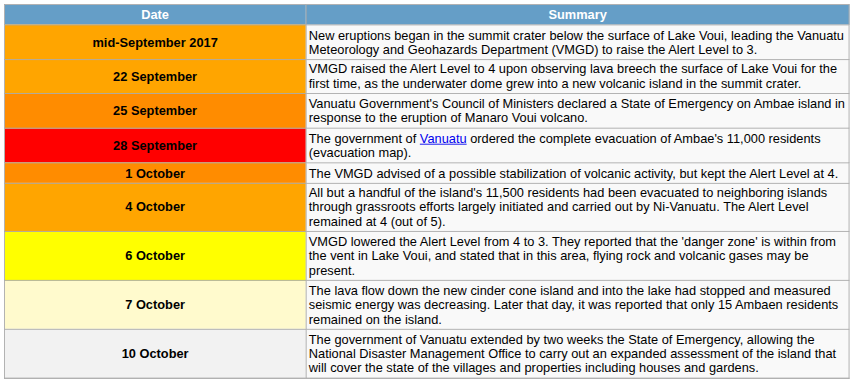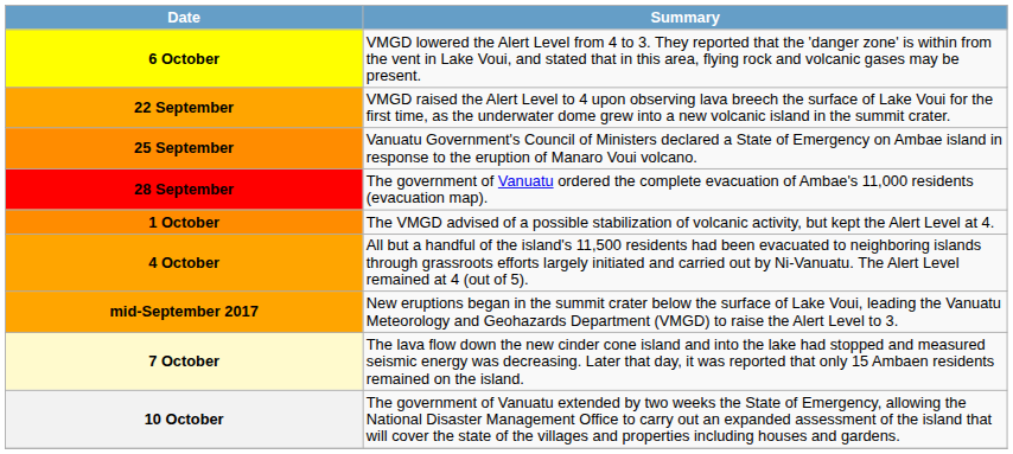 <table class="wikitable sortable" width=60% style='font-size:0.9em' align=center>
 <tr style="color:white;">
 <th style="background:#659ec7;" align=center width=5%><strong>Date</strong></th>
 <th style="background:#659ec7;" align=center width=10%><strong>Summary</strong></th>
 </tr>
 <tr>
-<th style="background:orange;">mid-September 2017</th>
-<td>New eruptions began in the summit crater below the surface of Lake Voui, leading the Vanuatu Meteorology and Geohazards Department (VMGD) to raise the Alert Level to 3.</td>
+<th style="background:yellow;">6 October</th>
+<td>VMGD lowered the Alert Level from 4 to 3. They reported that the 'danger zone' is within  from the vent in Lake Voui, and stated that in this area, flying rock and volcanic gases may be present.</td>
 </tr>
 <tr>
 <th style="background:orange;">22 September</th>
 <td>VMGD raised the Alert Level to 4 upon observing lava breech the surface of Lake Voui for the first time, as the underwater dome grew into a new volcanic island in the summit crater.</td>
 </tr>
 <tr>
 <th style="background:darkorange;">25 September</th>
 <td>Vanuatu Government's Council of Ministers declared a State of Emergency on Ambae island in response to the eruption of Manaro Voui volcano.<br></td>
 </tr>
 <tr>
 <th style="background:red;">28 September</th>
 <td>The government of <a href='#'>Vanuatu</a> ordered the complete evacuation of Ambae's 11,000 residents (evacuation map).<br>  </td>
 </tr>
 <tr>
 <th style="background:darkorange;">1 October</th>
 <td>The VMGD advised of a possible stabilization of volcanic activity, but kept the Alert Level at 4.</td>
 </tr>
 <tr>
 <th style="background:orange;">4 October</th>
 <td>All but a handful of the island's 11,500 residents had been evacuated to neighboring islands through grassroots efforts largely initiated and carried out by Ni-Vanuatu. The Alert Level remained at 4 (out of 5).</td>
 </tr>
 <tr>
-<th style="background:yellow;">6 October</th>
-<td>VMGD lowered the Alert Level from 4 to 3. They reported that the 'danger zone' is within  from the vent in Lake Voui, and stated that in this area, flying rock and volcanic gases may be present.</td>
+<th style="background:orange;">mid-September 2017</th>
+<td>New eruptions began in the summit crater below the surface of Lake Voui, leading the Vanuatu Meteorology and Geohazards Department (VMGD) to raise the Alert Level to 3.</td>
 </tr>
 <tr>
 <th style="background:lemonchiffon;">7 October</th>
 <td>The lava flow down the new cinder cone island and into the lake had stopped and measured seismic energy was decreasing. Later that day, it was reported that only 15 Ambaen residents remained on the island.</td>
 </tr>
 <tr>
 <th style="background:puse;">10 October</th>
 <td>The government of Vanuatu extended by two weeks the State of Emergency, allowing the National Disaster Management Office to carry out an expanded assessment of the island that will cover the state of the villages and properties including houses and gardens.</td>
 </tr>
 <tr>
 </tr>
 </table>
